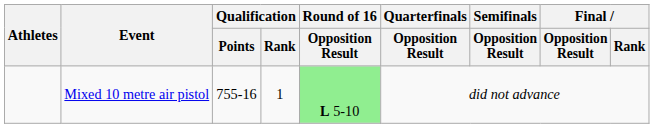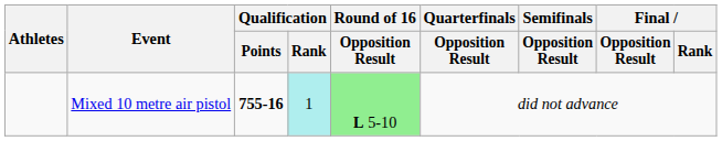 <table class="wikitable" style="font-size:90%;">
 <tr>
 <th rowspan=2>Athletes</th>
 <th rowspan=2>Event</th>
 <th colspan=2>Qualification</th>
 <th>Round of 16</th>
 <th>Quarterfinals</th>
 <th>Semifinals</th>
 <th colspan=2>Final / </th>
 </tr>
 <tr style="font-size:95%">
 <th>Points</th>
 <th>Rank</th>
 <th>Opposition<br>Result</th>
 <th>Opposition<br>Result</th>
 <th>Opposition<br>Result</th>
 <th>Opposition<br>Result</th>
 <th>Rank</th>
 </tr>
 <tr align=center>
 <td align=left><br></td>
 <td align=left><a href='#'>Mixed 10 metre air pistol</a></td>
-<td>755-16</td>
-<td>1</td>
+<td><strong>755-16</strong></td>
+<td style="background: paleturquoise;">1</td>
 <td style="background: lightgreen;"><br><br> <strong>L</strong> 5-10</td>
 <td colspan=4><em>did not advance</em></td>
 </tr>
 </table>
